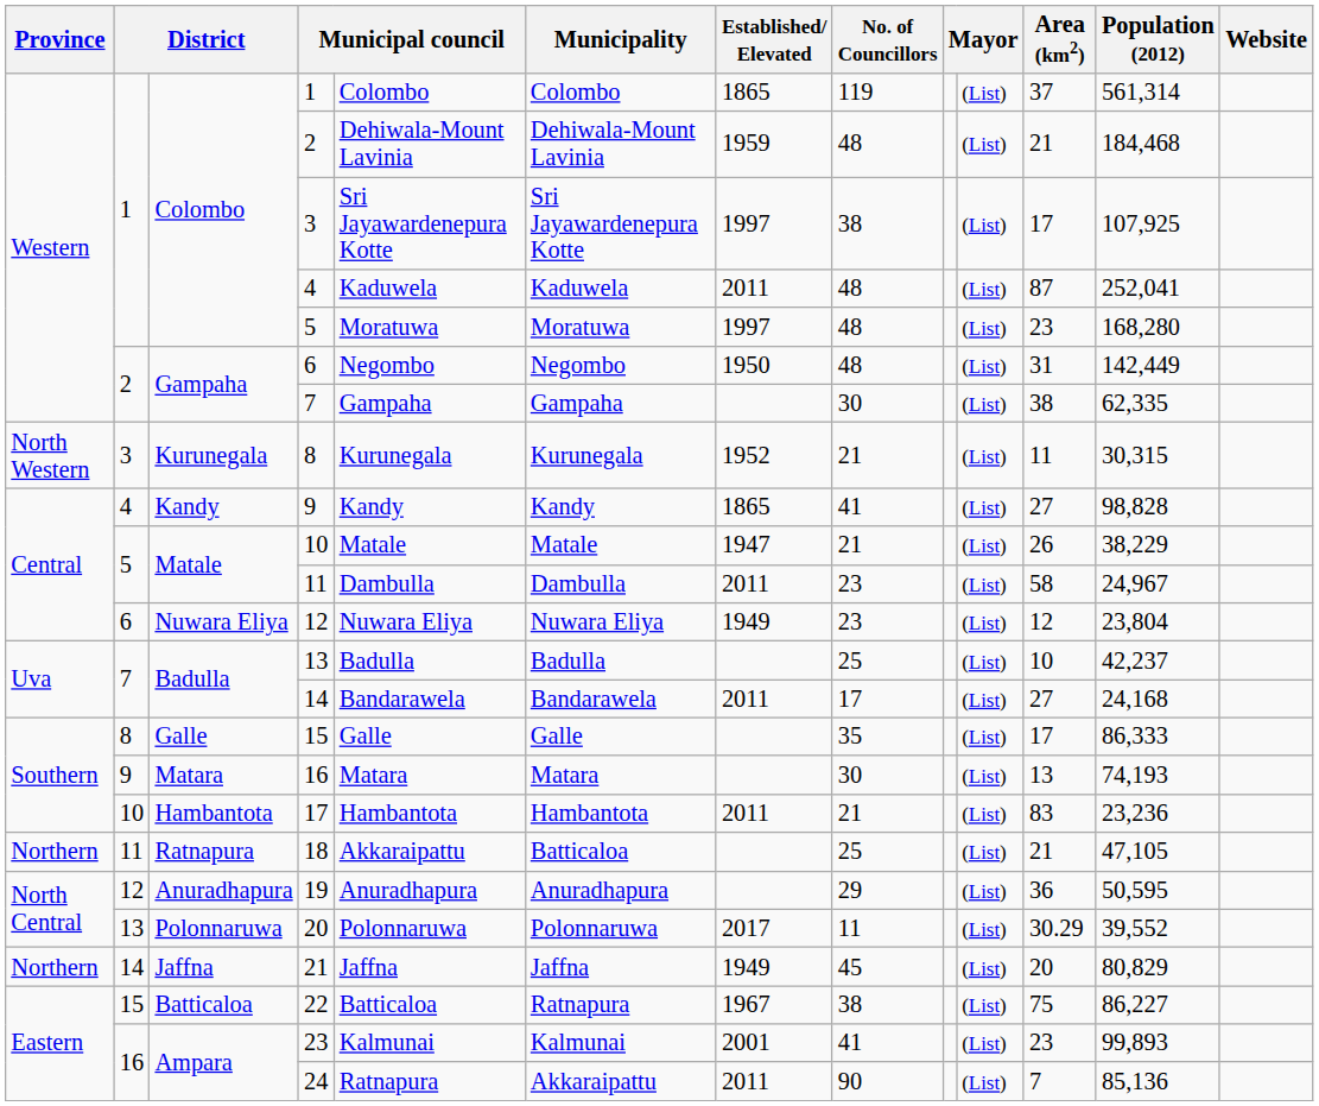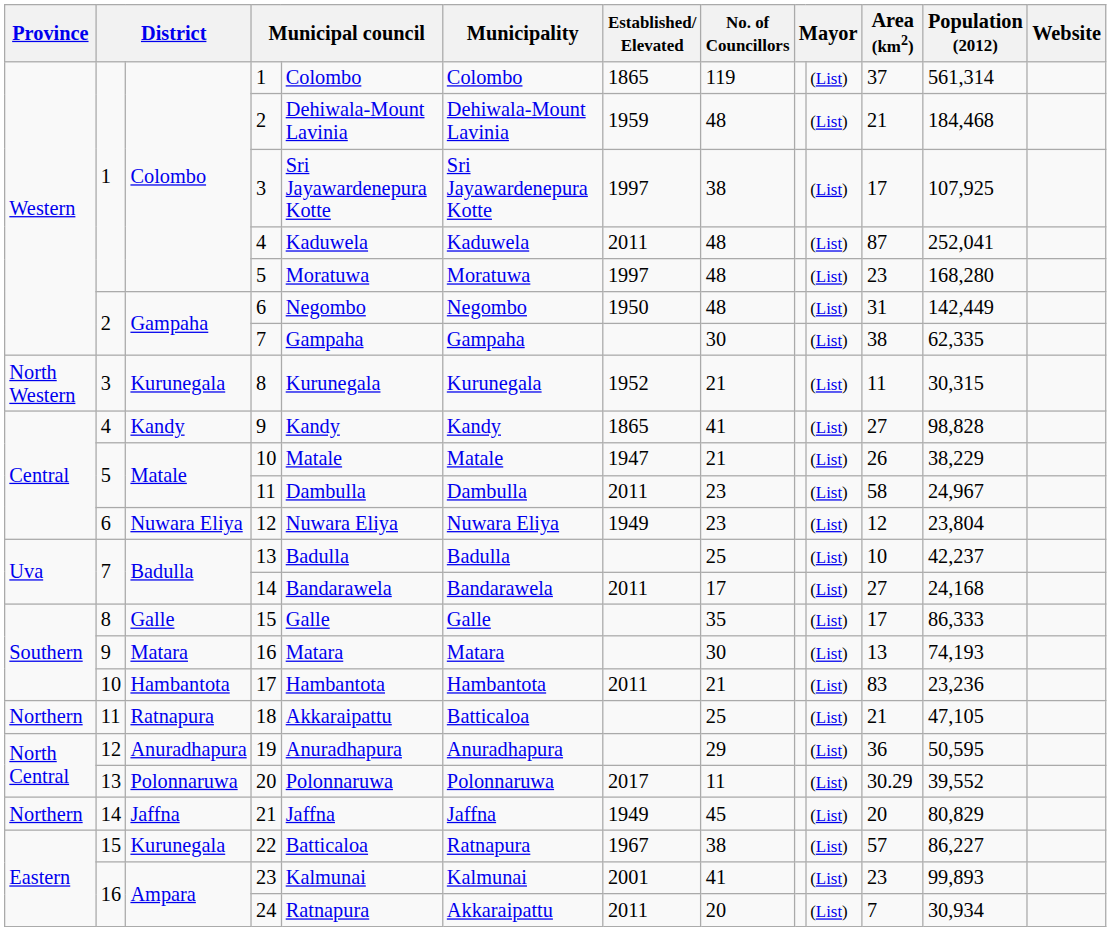 <table class="wikitable sortable">
 <tr>
 <th><a href='#'>Province</a></th>
 <th colspan="2"><a href='#'>District</a></th>
 <th colspan="2">Municipal council</th>
 <th>Municipality</th>
 <th><small>Established/<br>Elevated</small></th>
 <th><small>No. of<br>Councillors</small></th>
 <th colspan="2">Mayor</th>
 <th>Area <small>(km<sup>2</sup>)</small><br></th>
 <th>Population<br><small>(2012)</small></th>
 <th>Website</th>
 </tr>
 <tr>
 <td rowspan="7"><a href='#'>Western</a></td>
 <td rowspan="5">1</td>
 <td rowspan="5"><a href='#'>Colombo</a></td>
 <td>1</td>
 <td><a href='#'>Colombo</a></td>
 <td><a href='#'>Colombo</a></td>
 <td>1865</td>
 <td>119</td>
 <td !align="center" style="background-color: "></td>
 <td><small>(<a href='#'>List</a>)</small></td>
 <td>37</td>
 <td>561,314</td>
 <td></td>
 </tr>
 <tr>
 <td>2</td>
 <td><a href='#'>Dehiwala-Mount Lavinia</a></td>
 <td><a href='#'>Dehiwala-Mount Lavinia</a></td>
 <td>1959</td>
 <td>48</td>
 <td !align="center" style="background:"></td>
 <td><small>(<a href='#'>List</a>)</small></td>
 <td>21</td>
 <td>184,468</td>
 <td></td>
 </tr>
 <tr>
 <td>3</td>
 <td><a href='#'>Sri Jayawardenepura Kotte</a></td>
 <td><a href='#'>Sri Jayawardenepura Kotte</a></td>
 <td>1997</td>
 <td>38</td>
 <td !align="center" style="background:"></td>
 <td><small>(<a href='#'>List</a>)</small></td>
 <td>17</td>
 <td>107,925</td>
 <td></td>
 </tr>
 <tr>
 <td>4</td>
 <td><a href='#'>Kaduwela</a></td>
 <td><a href='#'>Kaduwela</a></td>
 <td>2011</td>
 <td>48</td>
 <td !align="center" style="background:"></td>
 <td><small>(<a href='#'>List</a>)</small></td>
 <td>87</td>
 <td>252,041</td>
 <td></td>
 </tr>
 <tr>
 <td>5</td>
 <td><a href='#'>Moratuwa</a></td>
 <td><a href='#'>Moratuwa</a></td>
 <td>1997</td>
 <td>48</td>
 <td !align="center" style="background:"></td>
 <td><small>(<a href='#'>List</a>)</small></td>
 <td>23</td>
 <td>168,280</td>
 <td></td>
 </tr>
 <tr>
 <td rowspan="2">2</td>
 <td rowspan="2"><a href='#'>Gampaha</a></td>
 <td>6</td>
 <td><a href='#'>Negombo</a></td>
 <td><a href='#'>Negombo</a></td>
 <td>1950</td>
 <td>48</td>
 <td !align="center" style="background:"></td>
 <td><small>(<a href='#'>List</a>)</small></td>
 <td>31</td>
 <td>142,449</td>
 <td></td>
 </tr>
 <tr>
 <td>7</td>
 <td><a href='#'>Gampaha</a></td>
 <td><a href='#'>Gampaha</a></td>
 <td></td>
 <td>30</td>
 <td !align="center" style="background:"></td>
 <td><small>(<a href='#'>List</a>)</small></td>
 <td>38</td>
 <td>62,335</td>
 <td></td>
 </tr>
 <tr>
 <td><a href='#'>North Western</a></td>
 <td>3</td>
 <td><a href='#'>Kurunegala</a></td>
 <td>8</td>
 <td><a href='#'>Kurunegala</a></td>
 <td><a href='#'>Kurunegala</a></td>
 <td>1952</td>
 <td>21</td>
 <td !align="center" style="background:"></td>
 <td><small>(<a href='#'>List</a>)</small></td>
 <td>11</td>
 <td>30,315</td>
 <td></td>
 </tr>
 <tr>
 <td rowspan="4"><a href='#'>Central</a></td>
 <td>4</td>
 <td><a href='#'>Kandy</a></td>
 <td>9</td>
 <td><a href='#'>Kandy</a></td>
 <td><a href='#'>Kandy</a></td>
 <td>1865</td>
 <td>41</td>
 <td !align="center" style="background:"></td>
 <td><small>(<a href='#'>List</a>)</small></td>
 <td>27</td>
 <td>98,828</td>
 <td></td>
 </tr>
 <tr>
 <td rowspan="2">5</td>
 <td rowspan="2"><a href='#'>Matale</a></td>
 <td>10</td>
 <td><a href='#'>Matale</a></td>
 <td><a href='#'>Matale</a></td>
 <td>1947</td>
 <td>21</td>
 <td !align="center" style="background:"></td>
 <td><small>(<a href='#'>List</a>)</small></td>
 <td>26</td>
 <td>38,229</td>
 <td></td>
 </tr>
 <tr>
 <td>11</td>
 <td><a href='#'>Dambulla</a></td>
 <td><a href='#'>Dambulla</a></td>
 <td>2011</td>
 <td>23</td>
 <td !align="center" style="background:"></td>
 <td><small>(<a href='#'>List</a>)</small></td>
 <td>58</td>
 <td>24,967</td>
 <td></td>
 </tr>
 <tr>
 <td>6</td>
 <td><a href='#'>Nuwara Eliya</a></td>
 <td>12</td>
 <td><a href='#'>Nuwara Eliya</a></td>
 <td><a href='#'>Nuwara Eliya</a></td>
 <td>1949</td>
 <td>23</td>
 <td !align="center" style="background:"></td>
 <td><small>(<a href='#'>List</a>)</small></td>
 <td>12</td>
 <td>23,804</td>
 <td></td>
 </tr>
 <tr>
 <td rowspan="2"><a href='#'>Uva</a></td>
 <td rowspan="2">7</td>
 <td rowspan="2"><a href='#'>Badulla</a></td>
 <td>13</td>
 <td><a href='#'>Badulla</a></td>
 <td><a href='#'>Badulla</a></td>
 <td></td>
 <td>25</td>
 <td !align="center" style="background:"></td>
 <td><small>(<a href='#'>List</a>)</small></td>
 <td>10</td>
 <td>42,237</td>
 <td></td>
 </tr>
 <tr>
 <td>14</td>
 <td><a href='#'>Bandarawela</a></td>
 <td><a href='#'>Bandarawela</a></td>
 <td>2011</td>
 <td>17</td>
 <td !align="center" style="background:"></td>
 <td><small>(<a href='#'>List</a>)</small></td>
 <td>27</td>
 <td>24,168</td>
 <td></td>
 </tr>
 <tr>
 <td rowspan="3"><a href='#'>Southern</a></td>
 <td>8</td>
 <td><a href='#'>Galle</a></td>
 <td>15</td>
 <td><a href='#'>Galle</a></td>
 <td><a href='#'>Galle</a></td>
 <td></td>
 <td>35</td>
 <td !align="center" style="background:"></td>
 <td><small>(<a href='#'>List</a>)</small></td>
 <td>17</td>
 <td>86,333</td>
 <td></td>
 </tr>
 <tr>
 <td>9</td>
 <td><a href='#'>Matara</a></td>
 <td>16</td>
 <td><a href='#'>Matara</a></td>
 <td><a href='#'>Matara</a></td>
 <td></td>
 <td>30</td>
 <td !align="center" style="background:"></td>
 <td><small>(<a href='#'>List</a>)</small></td>
 <td>13</td>
 <td>74,193</td>
 <td></td>
 </tr>
 <tr>
 <td>10</td>
 <td><a href='#'>Hambantota</a></td>
 <td>17</td>
 <td><a href='#'>Hambantota</a></td>
 <td><a href='#'>Hambantota</a></td>
 <td>2011</td>
 <td>21</td>
 <td !align="center" style="background:"></td>
 <td><small>(<a href='#'>List</a>)</small></td>
 <td>83</td>
 <td>23,236</td>
 <td></td>
 </tr>
 <tr>
 <td><a href='#'>Northern</a></td>
 <td>11</td>
 <td><a href='#'>Ratnapura</a></td>
 <td>18</td>
 <td><a href='#'>Akkaraipattu</a></td>
 <td><a href='#'>Batticaloa</a></td>
 <td></td>
 <td>25</td>
 <td !align="center" style="background:"></td>
 <td><small>(<a href='#'>List</a>)</small></td>
 <td>21</td>
 <td>47,105</td>
 <td></td>
 </tr>
 <tr>
 <td rowspan="2"><a href='#'>North Central</a></td>
 <td>12</td>
 <td><a href='#'>Anuradhapura</a></td>
 <td>19</td>
 <td><a href='#'>Anuradhapura</a></td>
 <td><a href='#'>Anuradhapura</a></td>
 <td></td>
 <td>29</td>
 <td !align="center" style="background:"></td>
 <td><small>(<a href='#'>List</a>)</small></td>
 <td>36</td>
 <td>50,595</td>
 <td></td>
 </tr>
 <tr>
 <td>13</td>
 <td><a href='#'>Polonnaruwa</a></td>
 <td>20</td>
 <td><a href='#'>Polonnaruwa</a></td>
 <td><a href='#'>Polonnaruwa</a></td>
 <td>2017</td>
 <td>11</td>
 <td !align="center" style="background:"></td>
 <td><small>(<a href='#'>List</a>)</small></td>
 <td>30.29</td>
 <td>39,552</td>
 <td></td>
 </tr>
 <tr>
 <td><a href='#'>Northern</a></td>
 <td>14</td>
 <td><a href='#'>Jaffna</a></td>
 <td>21</td>
 <td><a href='#'>Jaffna</a></td>
 <td><a href='#'>Jaffna</a></td>
 <td>1949</td>
 <td>45</td>
 <td !align="center" style="background:"></td>
 <td><small>(<a href='#'>List</a>)</small></td>
 <td>20</td>
 <td>80,829</td>
 <td></td>
 </tr>
 <tr>
 <td rowspan="3"><a href='#'>Eastern</a></td>
 <td>15</td>
-<td><a href='#'>Batticaloa</a></td>
+<td><a href='#'>Kurunegala</a></td>
 <td>22</td>
 <td><a href='#'>Batticaloa</a></td>
 <td><a href='#'>Ratnapura</a></td>
 <td>1967</td>
 <td>38</td>
 <td !align="center" style="background:"></td>
 <td><small>(<a href='#'>List</a>)</small></td>
-<td>75</td>
+<td>57</td>
 <td>86,227</td>
 <td></td>
 </tr>
 <tr>
 <td rowspan="2">16</td>
 <td rowspan="2"><a href='#'>Ampara</a></td>
 <td>23</td>
 <td><a href='#'>Kalmunai</a></td>
 <td><a href='#'>Kalmunai</a></td>
 <td>2001</td>
 <td>41</td>
 <td !align="center" style="background:"></td>
 <td><small>(<a href='#'>List</a>)</small></td>
 <td>23</td>
 <td>99,893</td>
 <td></td>
 </tr>
 <tr>
 <td>24</td>
 <td><a href='#'>Ratnapura</a></td>
 <td><a href='#'>Akkaraipattu</a></td>
 <td>2011</td>
-<td>90</td>
+<td>20</td>
 <td !align="center" style="background:"></td>
 <td><small>(<a href='#'>List</a>)</small></td>
 <td>7</td>
-<td>85,136</td>
+<td>30,934</td>
 <td></td>
 </tr>
 </table>
